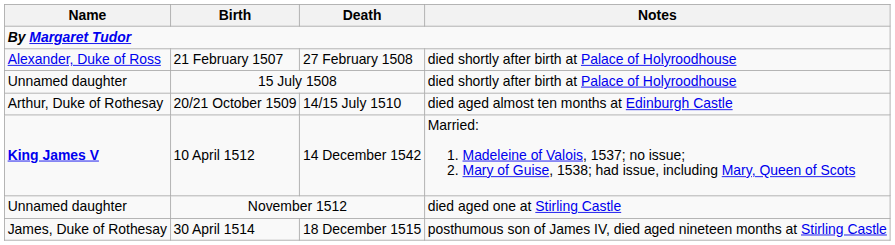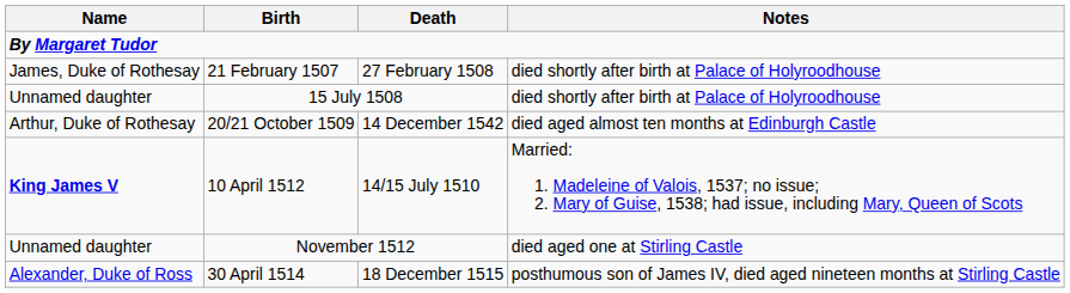 <table class="wikitable">
 <tr>
 <th>Name</th>
 <th>Birth</th>
 <th>Death</th>
 <th>Notes</th>
 </tr>
 <tr>
 <td colspan=4><strong><em>By <a href='#'>Margaret Tudor</a></em></strong></td>
 </tr>
 <tr>
-<td><a href='#'>Alexander, Duke of Ross</a></td>
+<td>James, Duke of Rothesay</td>
 <td>21 February 1507</td>
 <td>27 February 1508</td>
 <td>died shortly after birth at <a href='#'>Palace of Holyroodhouse</a></td>
 </tr>
 <tr>
 <td>Unnamed daughter</td>
 <td colspan=2 align=center>15 July 1508</td>
 <td>died shortly after birth at <a href='#'>Palace of Holyroodhouse</a></td>
 </tr>
 <tr>
 <td>Arthur, Duke of Rothesay</td>
 <td>20/21 October 1509</td>
-<td>14/15 July 1510</td>
+<td>14 December 1542</td>
 <td>died aged almost ten months at <a href='#'>Edinburgh Castle</a></td>
 </tr>
 <tr>
 <td><strong><a href='#'>King James V</a></strong></td>
 <td>10 April 1512</td>
-<td>14 December 1542</td>
+<td>14/15 July 1510</td>
 <td>Married:<br><ol><li><a href='#'>Madeleine of Valois</a>, 1537; no issue;</li><li><a href='#'>Mary of Guise</a>, 1538; had issue, including <a href='#'>Mary, Queen of Scots</a></li></ol></td>
 </tr>
 <tr>
 <td>Unnamed daughter</td>
 <td colspan=2 align=center>November 1512</td>
 <td>died aged one at <a href='#'>Stirling Castle</a></td>
 </tr>
 <tr>
-<td>James, Duke of Rothesay</td>
+<td><a href='#'>Alexander, Duke of Ross</a></td>
 <td>30 April 1514</td>
 <td>18 December 1515</td>
 <td>posthumous son of James IV, died aged nineteen months at <a href='#'>Stirling Castle</a></td>
 </tr>
 </table>
